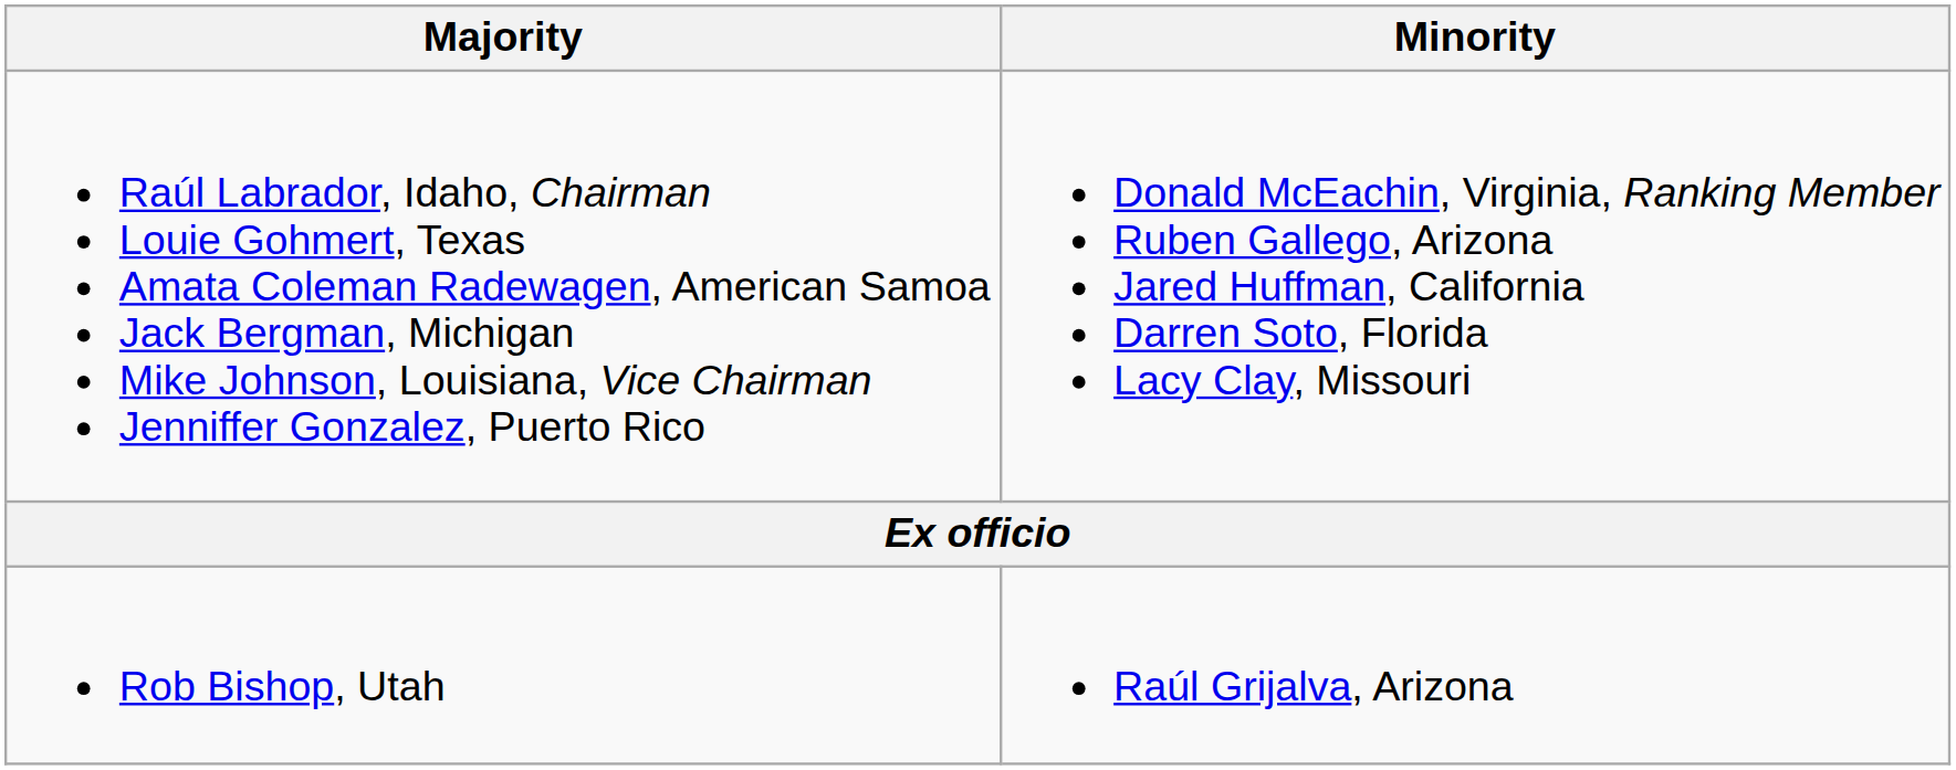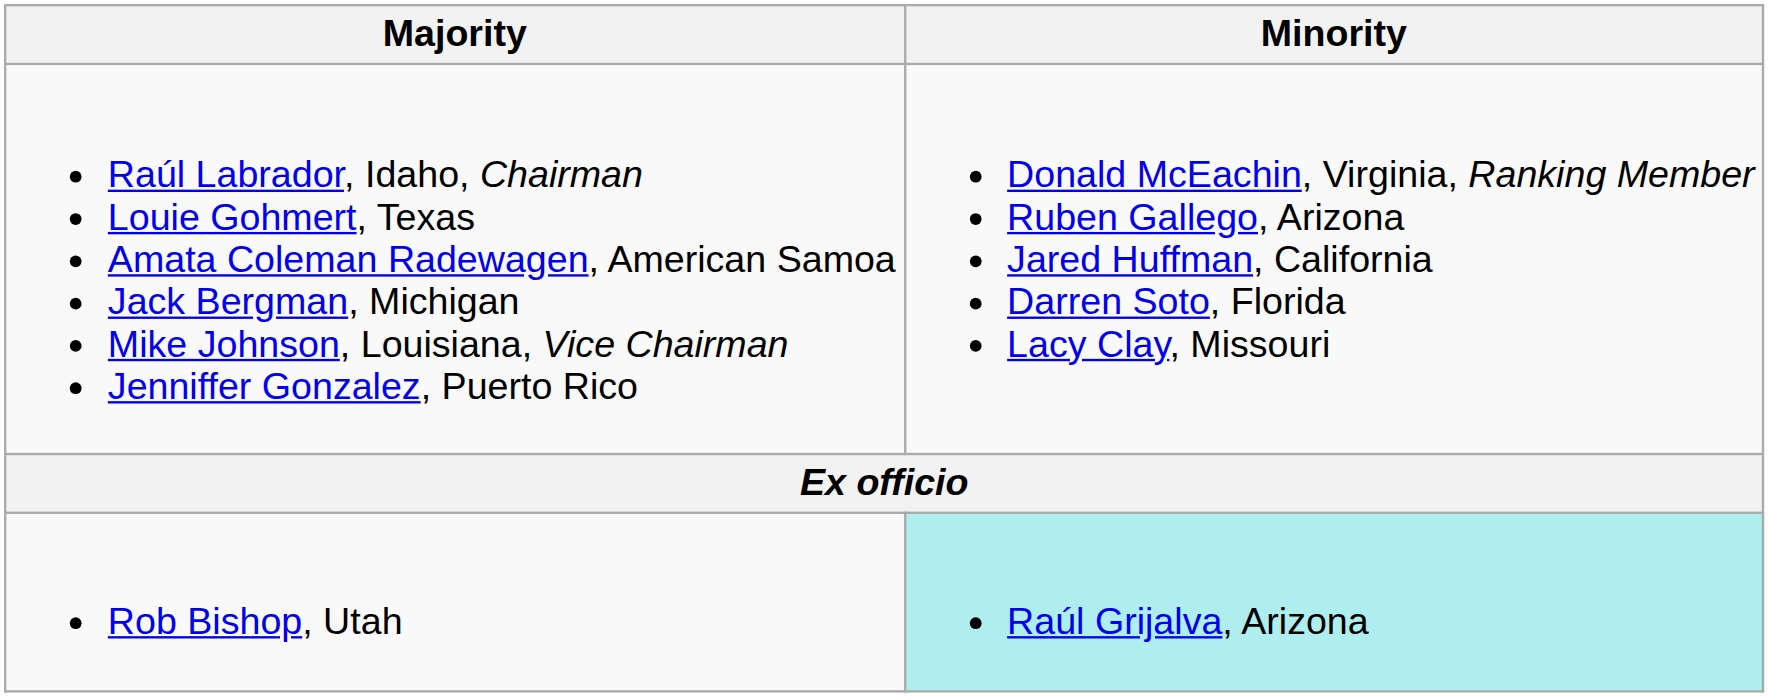 <table class=wikitable>
 <tr>
 <th>Majority</th>
 <th>Minority</th>
 </tr>
 <tr valign=top>
 <td><br><ul><li><a href='#'>Raúl Labrador</a>, Idaho, <em>Chairman</em></li><li><a href='#'>Louie Gohmert</a>, Texas</li><li><a href='#'>Amata Coleman Radewagen</a>, American Samoa</li><li><a href='#'>Jack Bergman</a>, Michigan</li><li><a href='#'>Mike Johnson</a>, Louisiana, <em>Vice Chairman</em></li><li><a href='#'>Jenniffer Gonzalez</a>, Puerto Rico</li></ul></td>
 <td><br><ul><li><a href='#'>Donald McEachin</a>, Virginia, <em>Ranking Member</em></li><li><a href='#'>Ruben Gallego</a>, Arizona</li><li><a href='#'>Jared Huffman</a>, California</li><li><a href='#'>Darren Soto</a>, Florida</li><li><a href='#'>Lacy Clay</a>, Missouri</li></ul></td>
 </tr>
 <tr>
 <th colspan=2><em>Ex officio</em></th>
 </tr>
 <tr>
 <td><br><ul><li><a href='#'>Rob Bishop</a>, Utah</li></ul></td>
-<td><br><ul><li><a href='#'>Raúl Grijalva</a>, Arizona</li></ul></td>
+<td style="background: paleturquoise;"><br><ul><li><a href='#'>Raúl Grijalva</a>, Arizona</li></ul></td>
 </tr>
 </table>
